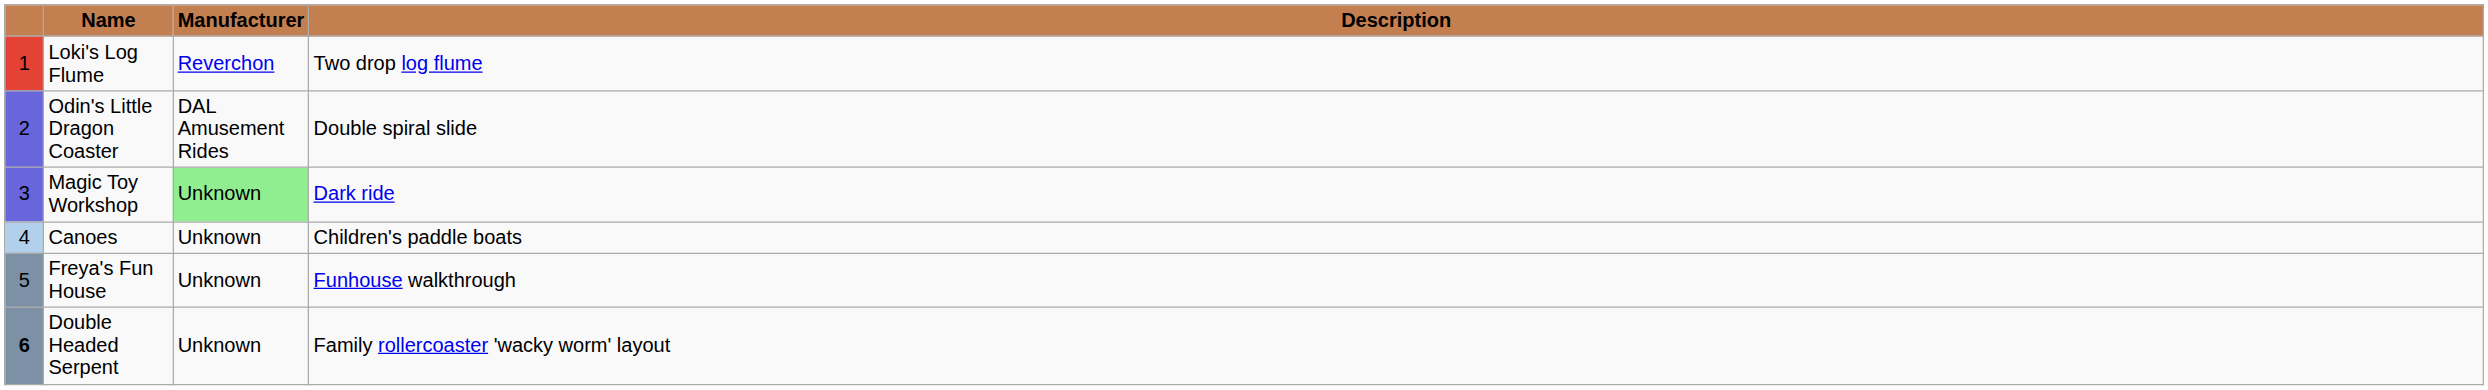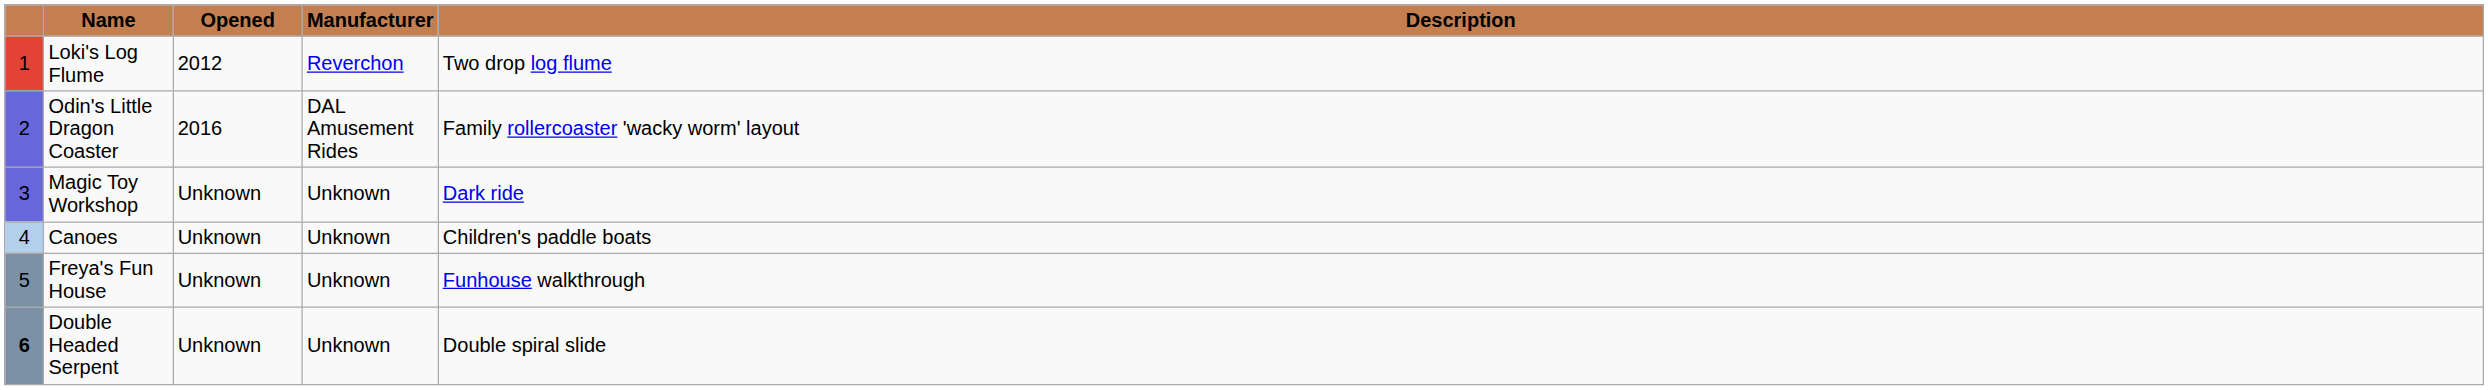 <table class="wikitable sortable" style="width: 100%; font sizes: 95%;">
 <tr>
 <th style="background-color: #c37f50; width: 1.5em;"></th>
 <th style="background-color: #c37f50; width: 6em;">Name</th>
+<th style="background-color: #c37f50; width: 6em;">Opened</th>
 <th style="background-color: #c37f50; width: 6em;">Manufacturer</th>
 <th style="background-color: #c37f50;">Description</th>
 </tr>
 <tr>
 <td bgcolor="#e34234" style="text-align: center;">1</td>
 <td>Loki's Log Flume</td>
+<td>2012</td>
 <td><a href='#'>Reverchon</a></td>
 <td>Two drop <a href='#'>log flume</a></td>
 </tr>
 <tr>
 <td bgcolor="#6966dc" style="text-align: center;">2</td>
 <td>Odin's Little Dragon Coaster</td>
+<td>2016</td>
 <td>DAL Amusement Rides</td>
-<td>Double spiral slide</td>
+<td>Family <a href='#'>rollercoaster</a> 'wacky worm' layout</td>
 </tr>
 <tr>
 <td bgcolor="#6966dc" style="text-align: center;">3</td>
 <td>Magic Toy Workshop</td>
-<td style="background: lightgreen;">Unknown</td>
+<td>Unknown</td>
+<td>Unknown</td>
 <td><a href='#'>Dark ride</a></td>
 </tr>
 <tr>
 <td bgcolor="#b2d0ec" style="text-align: center;">4</td>
 <td>Canoes</td>
+<td>Unknown</td>
 <td>Unknown</td>
 <td>Children's paddle boats</td>
 </tr>
 <tr>
 <td bgcolor="#7c91a5" style="text-align: center;">5</td>
 <td>Freya's Fun House</td>
 <td>Unknown</td>
+<td>Unknown</td>
 <td><a href='#'>Funhouse</a> walkthrough</td>
 </tr>
 <tr>
 <td bgcolor="#7c91a5" style="text-align: center;"><strong>6</strong></td>
 <td>Double Headed Serpent</td>
 <td>Unknown</td>
-<td>Family <a href='#'>rollercoaster</a> 'wacky worm' layout</td>
+<td>Unknown</td>
+<td>Double spiral slide</td>
 </tr>
 </table>
